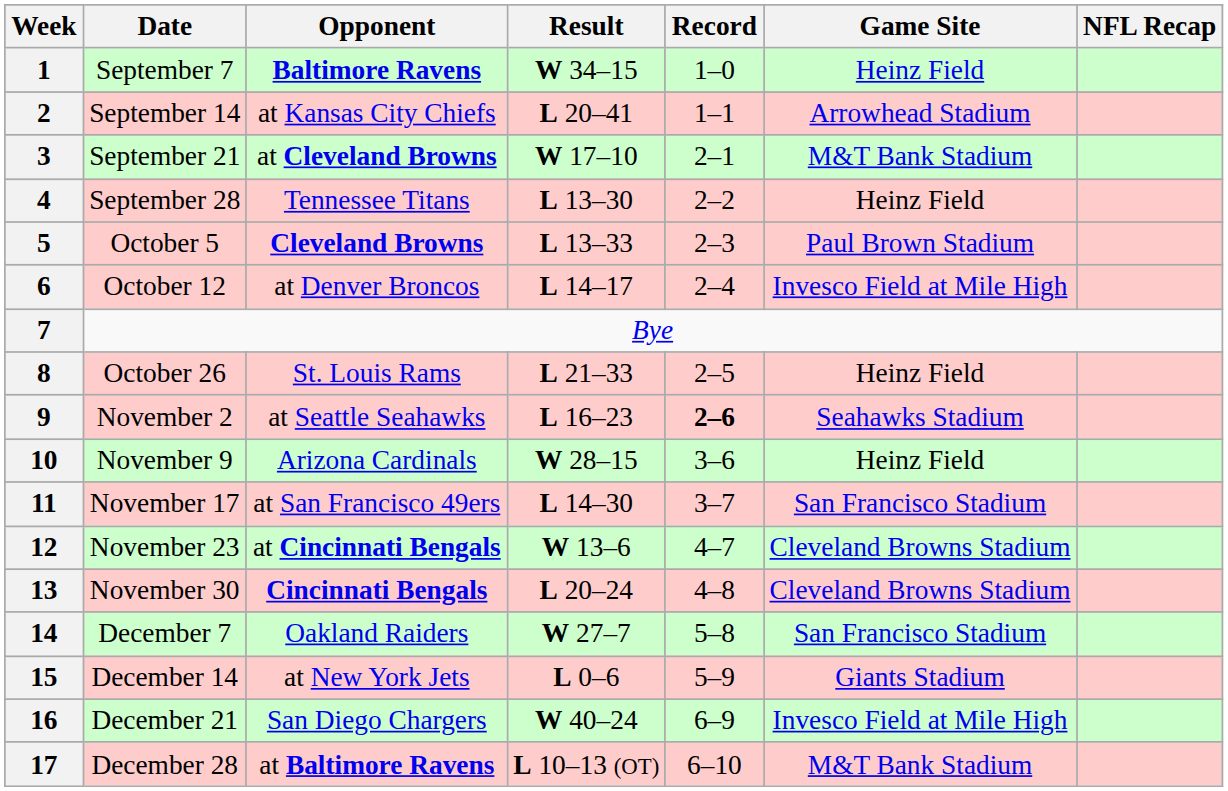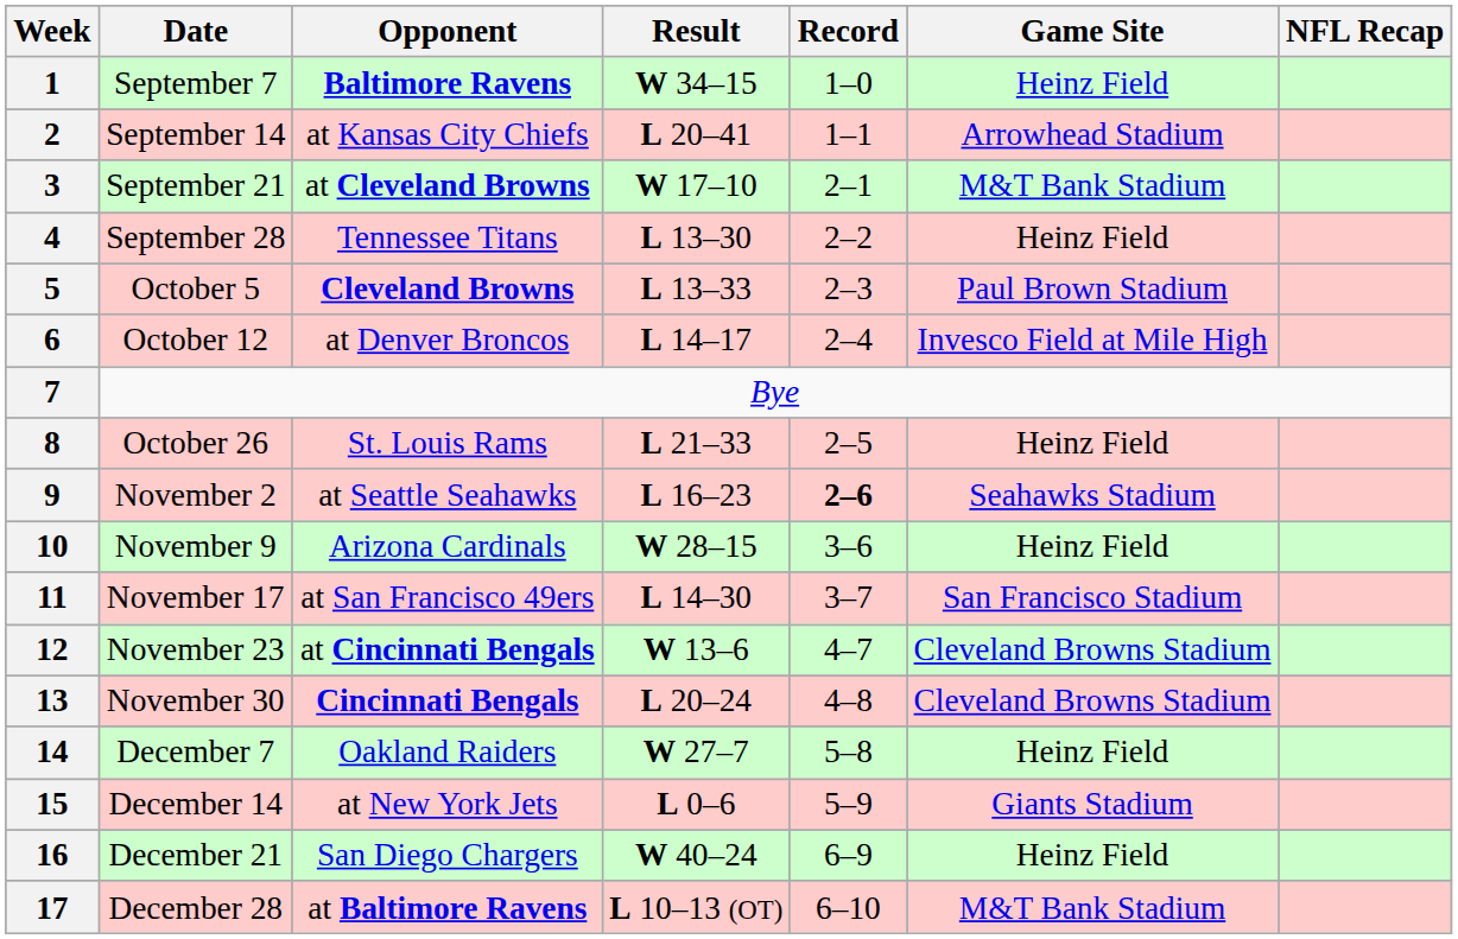 <table class="wikitable" style="text-align:center">
 <tr>
 <th>Week</th>
 <th>Date</th>
 <th>Opponent</th>
 <th>Result</th>
 <th>Record</th>
 <th>Game Site</th>
 <th>NFL Recap</th>
 </tr>
 <tr style="background: #cfc;">
 <th>1</th>
 <td>September 7</td>
 <td><strong><a href='#'>Baltimore Ravens</a></strong></td>
 <td><strong>W</strong> 34–15</td>
 <td>1–0</td>
 <td><a href='#'>Heinz Field</a></td>
 <td align="center"></td>
 </tr>
 <tr style="background: #fcc;">
 <th>2</th>
 <td>September 14</td>
 <td>at <a href='#'>Kansas City Chiefs</a></td>
 <td><strong>L</strong> 20–41</td>
 <td>1–1</td>
 <td><a href='#'>Arrowhead Stadium</a></td>
 <td align="center"></td>
 </tr>
 <tr style="background: #cfc;">
 <th>3</th>
 <td>September 21</td>
 <td>at <strong><a href='#'>Cleveland Browns</a></strong></td>
 <td><strong>W</strong> 17–10</td>
 <td>2–1</td>
 <td><a href='#'>M&T Bank Stadium</a></td>
 <td align="center"></td>
 </tr>
 <tr style="background: #fcc;">
 <th>4</th>
 <td>September 28</td>
 <td><a href='#'>Tennessee Titans</a></td>
 <td><strong>L</strong> 13–30</td>
 <td>2–2</td>
 <td>Heinz Field</td>
 <td align="center"></td>
 </tr>
 <tr style="background: #fcc;">
 <th>5</th>
 <td>October 5</td>
 <td><strong><a href='#'>Cleveland Browns</a></strong></td>
 <td><strong>L</strong> 13–33</td>
 <td>2–3</td>
 <td><a href='#'>Paul Brown Stadium</a></td>
 <td align="center"></td>
 </tr>
 <tr style="background: #fcc;">
 <th>6</th>
 <td>October 12</td>
 <td>at <a href='#'>Denver Broncos</a></td>
 <td><strong>L</strong> 14–17</td>
 <td>2–4</td>
 <td><a href='#'>Invesco Field at Mile High</a></td>
 <td align="center"></td>
 </tr>
 <tr>
 <th>7</th>
 <td colspan=7 align="center"><em><a href='#'>Bye</a></em></td>
 </tr>
 <tr style="background: #fcc;">
 <th>8</th>
 <td>October 26</td>
 <td><a href='#'>St. Louis Rams</a></td>
 <td><strong>L</strong> 21–33</td>
 <td>2–5</td>
 <td>Heinz Field</td>
 <td align="center"></td>
 </tr>
 <tr style="background: #fcc;">
 <th>9</th>
 <td>November 2</td>
 <td>at <a href='#'>Seattle Seahawks</a></td>
 <td><strong>L</strong> 16–23</td>
 <td><strong>2–6</strong></td>
 <td><a href='#'>Seahawks Stadium</a></td>
 <td align="center"></td>
 </tr>
 <tr style="background: #cfc;">
 <th>10</th>
 <td>November 9</td>
 <td><a href='#'>Arizona Cardinals</a></td>
 <td><strong>W</strong> 28–15</td>
 <td>3–6</td>
 <td>Heinz Field</td>
 <td align="center"></td>
 </tr>
 <tr style="background: #fcc;">
 <th>11</th>
 <td>November 17</td>
 <td>at <a href='#'>San Francisco 49ers</a></td>
 <td><strong>L</strong> 14–30</td>
 <td>3–7</td>
 <td><a href='#'>San Francisco Stadium</a></td>
 <td align="center"></td>
 </tr>
 <tr style="background: #cfc;">
 <th>12</th>
 <td>November 23</td>
 <td>at <strong><a href='#'>Cincinnati Bengals</a></strong></td>
 <td><strong>W</strong> 13–6</td>
 <td>4–7</td>
 <td><a href='#'>Cleveland Browns Stadium</a></td>
 <td align="center"></td>
 </tr>
 <tr style="background: #fcc;">
 <th>13</th>
 <td>November 30</td>
 <td><strong><a href='#'>Cincinnati Bengals</a></strong></td>
 <td><strong>L</strong> 20–24</td>
 <td>4–8</td>
 <td><a href='#'>Cleveland Browns Stadium</a></td>
 <td align="center"></td>
 </tr>
 <tr style="background: #cfc;">
 <th>14</th>
 <td>December 7</td>
 <td><a href='#'>Oakland Raiders</a></td>
 <td><strong>W</strong> 27–7</td>
 <td>5–8</td>
-<td><a href='#'>San Francisco Stadium</a></td>
+<td>Heinz Field</td>
 <td align="center"></td>
 </tr>
 <tr style="background: #fcc;">
 <th>15</th>
 <td>December 14</td>
 <td>at <a href='#'>New York Jets</a></td>
 <td><strong>L</strong> 0–6</td>
 <td>5–9</td>
 <td><a href='#'>Giants Stadium</a></td>
 <td align="center"></td>
 </tr>
 <tr style="background: #cfc;">
 <th>16</th>
 <td>December 21</td>
 <td><a href='#'>San Diego Chargers</a></td>
 <td><strong>W</strong> 40–24</td>
 <td>6–9</td>
-<td><a href='#'>Invesco Field at Mile High</a></td>
+<td>Heinz Field</td>
 <td align="center"></td>
 </tr>
 <tr style="background: #fcc;">
 <th>17</th>
 <td>December 28</td>
 <td>at <strong><a href='#'>Baltimore Ravens</a></strong></td>
 <td><strong>L</strong> 10–13 <small>(OT)</small></td>
 <td>6–10</td>
 <td><a href='#'>M&T Bank Stadium</a></td>
 <td align="center"></td>
 </tr>
 </table>
